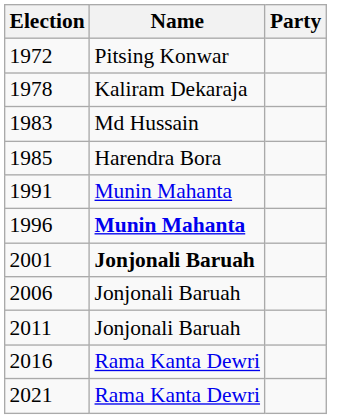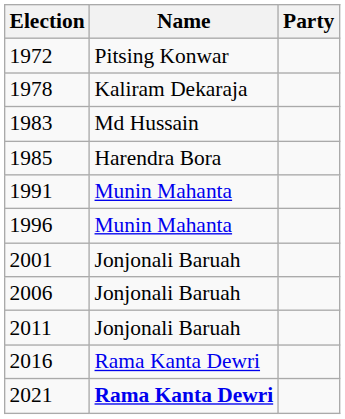 <table class="wikitable sortable">
 <tr>
 <th>Election</th>
 <th>Name</th>
 <th colspan=2>Party</th>
 </tr>
 <tr>
 <td>1972</td>
 <td>Pitsing Konwar</td>
 <td></td>
 </tr>
 <tr>
 <td>1978</td>
 <td>Kaliram Dekaraja</td>
 <td></td>
 </tr>
 <tr>
 <td>1983</td>
 <td>Md Hussain</td>
 <td></td>
 </tr>
 <tr>
 <td>1985</td>
 <td>Harendra Bora</td>
 <td></td>
 </tr>
 <tr>
 <td>1991</td>
 <td><a href='#'>Munin Mahanta</a></td>
 <td></td>
 </tr>
 <tr>
 <td>1996</td>
-<td><strong><a href='#'>Munin Mahanta</a></strong></td>
+<td><a href='#'>Munin Mahanta</a></td>
 <td></td>
 </tr>
 <tr>
 <td>2001</td>
-<td><strong>Jonjonali Baruah</strong></td>
+<td>Jonjonali Baruah</td>
 <td></td>
 </tr>
 <tr>
 <td>2006</td>
 <td>Jonjonali Baruah</td>
 <td></td>
 </tr>
 <tr>
 <td>2011</td>
 <td>Jonjonali Baruah</td>
 <td></td>
 </tr>
 <tr>
 <td>2016</td>
 <td><a href='#'>Rama Kanta Dewri</a></td>
 <td></td>
 </tr>
 <tr>
 <td>2021</td>
-<td><a href='#'>Rama Kanta Dewri</a></td>
+<td><strong><a href='#'>Rama Kanta Dewri</a></strong></td>
 <td></td>
 </tr>
 </table>
